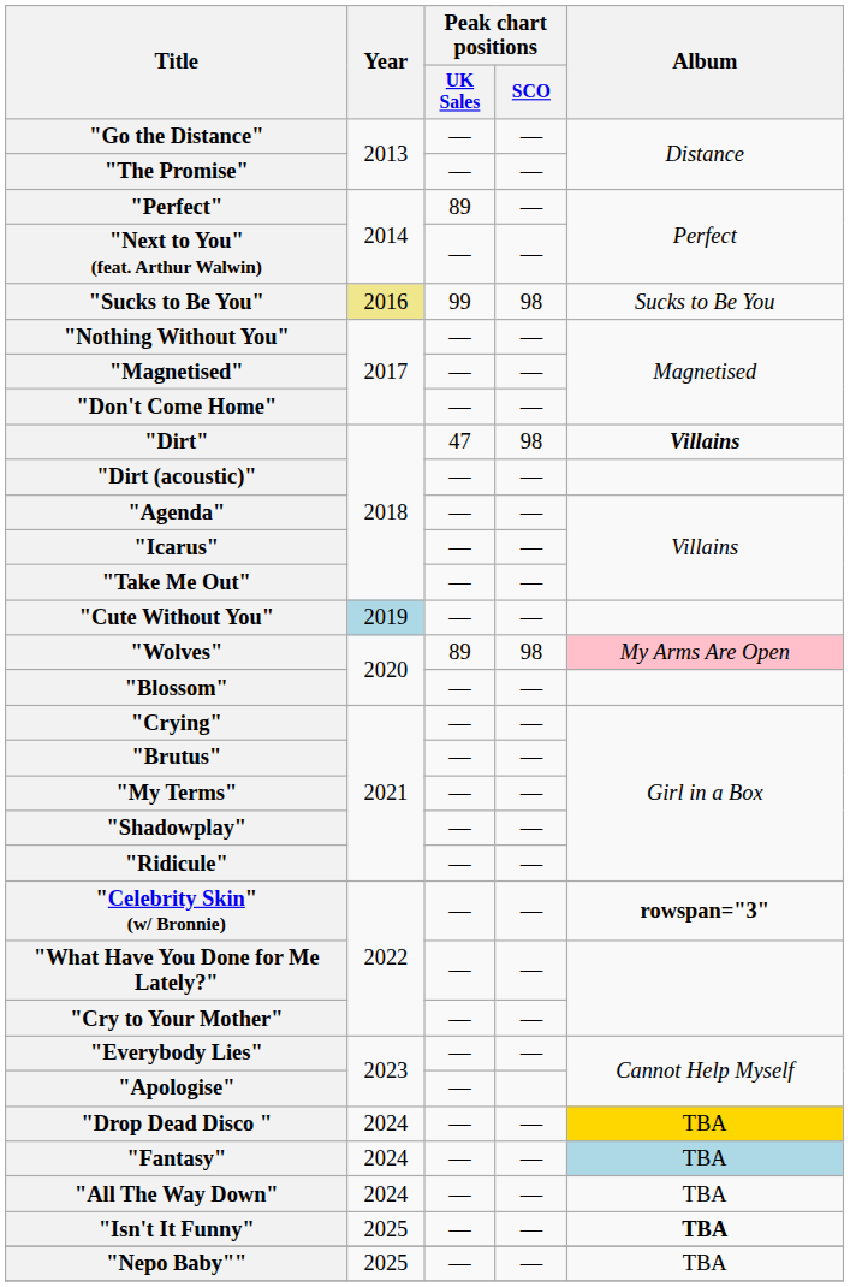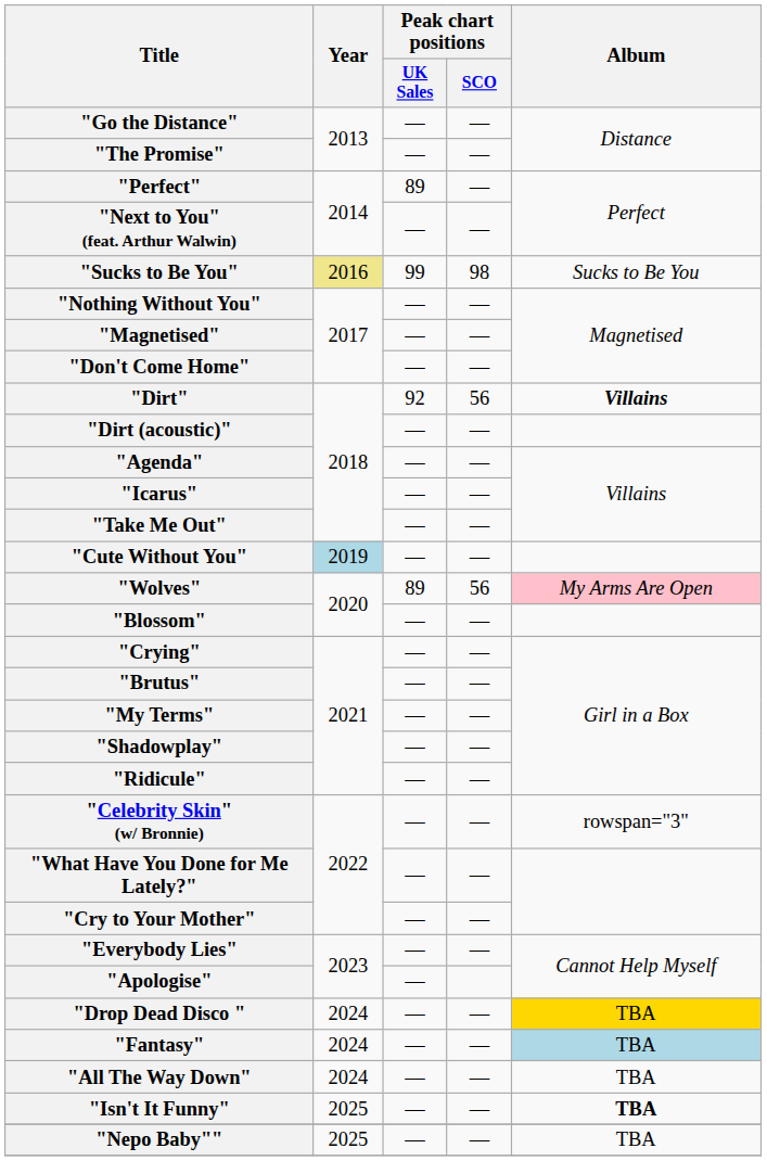 <table class="wikitable plainrowheaders" style="text-align:center;">
 <tr>
 <th scope="col" rowspan="2" style="width:15em;">Title</th>
 <th scope="col" rowspan="2" style="width:3em;">Year</th>
 <th scope="col" colspan="2" style="width:6em;">Peak chart positions</th>
 <th scope="col" rowspan="2" style="width:12em;">Album</th>
 </tr>
 <tr>
 <th scope="col" style="width:3em;font-size:85%;"><a href='#'>UK Sales</a></th>
 <th scope="col" style="width:3em;font-size:85%;"><a href='#'>SCO</a><br></th>
 </tr>
 <tr>
 <th scope="row">"Go the Distance"</th>
 <td rowspan="2">2013</td>
 <td>—</td>
 <td>—</td>
 <td rowspan="2"><em>Distance</em></td>
 </tr>
 <tr>
 <th scope="row">"The Promise"</th>
 <td>—</td>
 <td>—</td>
 </tr>
 <tr>
 <th scope="row">"Perfect"</th>
 <td rowspan="2">2014</td>
 <td>89</td>
 <td>—</td>
 <td rowspan="2"><em>Perfect</em></td>
 </tr>
 <tr>
 <th scope="row">"Next to You"<br><small>(feat. Arthur Walwin)</small></th>
 <td>—</td>
 <td>—</td>
 </tr>
 <tr>
 <th scope="row">"Sucks to Be You"</th>
 <td style="background: khaki;">2016</td>
 <td>99</td>
 <td>98<br></td>
 <td><em>Sucks to Be You</em></td>
 </tr>
 <tr>
 <th scope="row">"Nothing Without You"</th>
 <td rowspan="3">2017</td>
 <td>—</td>
 <td>—</td>
 <td rowspan="3"><em>Magnetised</em></td>
 </tr>
 <tr>
 <th scope="row">"Magnetised"</th>
 <td>—</td>
 <td>—</td>
 </tr>
 <tr>
 <th scope="row">"Don't Come Home"</th>
 <td>—</td>
 <td>—</td>
 </tr>
 <tr>
 <th scope="row">"Dirt"</th>
 <td rowspan="5">2018</td>
-<td>47</td>
-<td>98<br></td>
+<td>92</td>
+<td>56</td>
 <td><strong><em>Villains</em></strong></td>
 </tr>
 <tr>
 <th scope="row">"Dirt (acoustic)"</th>
 <td>—</td>
 <td>—</td>
 <td></td>
 </tr>
 <tr>
 <th scope="row">"Agenda"</th>
 <td>—</td>
 <td>—</td>
 <td rowspan="3"><em>Villains</em></td>
 </tr>
 <tr>
 <th scope="row">"Icarus"</th>
 <td>—</td>
 <td>—</td>
 </tr>
 <tr>
 <th scope="row">"Take Me Out"</th>
 <td>—</td>
 <td>—</td>
 </tr>
 <tr>
 <th scope="row">"Cute Without You"</th>
 <td rowspan="1" style="background: lightblue;">2019</td>
 <td>—</td>
 <td>—</td>
 <td></td>
 </tr>
 <tr>
 <th scope="row">"Wolves"</th>
 <td rowspan="2">2020</td>
 <td>89</td>
-<td>98<br></td>
+<td>56</td>
 <td style="background: pink;"><em>My Arms Are Open</em></td>
 </tr>
 <tr>
 <th scope="row">"Blossom"</th>
 <td>—</td>
 <td>—</td>
 <td></td>
 </tr>
 <tr>
 <th scope="row">"Crying"</th>
 <td rowspan="5">2021</td>
 <td>—</td>
 <td>—</td>
 <td rowspan="5"><em>Girl in a Box</em></td>
 </tr>
 <tr>
 <th scope="row">"Brutus"</th>
 <td>—</td>
 <td>—</td>
 </tr>
 <tr>
 <th scope="row">"My Terms"</th>
 <td>—</td>
 <td>—</td>
 </tr>
 <tr>
 <th scope="row">"Shadowplay"</th>
 <td>—</td>
 <td>—</td>
 </tr>
 <tr>
 <th scope="row">"Ridicule"</th>
 <td>—</td>
 <td>—</td>
 </tr>
 <tr>
 <th scope="row">"<a href='#'>Celebrity Skin</a>"<br><small>(w/ Bronnie)</small></th>
 <td rowspan="3">2022</td>
 <td>—</td>
 <td>—</td>
-<td><strong>rowspan="3" </strong></td>
+<td>rowspan="3" </td>
 </tr>
 <tr>
 <th scope="row">"What Have You Done for Me Lately?" </th>
 <td>—</td>
 <td>—</td>
 </tr>
 <tr>
 <th scope="row">"Cry to Your Mother"</th>
 <td>—</td>
 <td>—</td>
 </tr>
 <tr>
 <th scope="row">"Everybody Lies"</th>
 <td rowspan="2">2023</td>
 <td>—</td>
 <td>—</td>
 <td rowspan="2"><em>Cannot Help Myself</em></td>
 </tr>
 <tr>
 <th scope="row">"Apologise"</th>
 <td>—</td>
 </tr>
 <tr>
 <th scope="row">"Drop Dead Disco "</th>
 <td>2024</td>
 <td>—</td>
 <td>—</td>
 <td style="background: gold;">TBA</td>
 </tr>
 <tr>
 <th scope="row">"Fantasy"</th>
 <td>2024</td>
 <td>—</td>
 <td>—</td>
 <td style="background: lightblue;">TBA</td>
 </tr>
 <tr>
 <th scope="row">"All The Way Down"</th>
 <td>2024</td>
 <td>—</td>
 <td>—</td>
 <td>TBA</td>
 </tr>
 <tr>
 <th scope="row">"Isn't It Funny"</th>
 <td>2025</td>
 <td>—</td>
 <td>—</td>
 <td><strong>TBA</strong></td>
 </tr>
 <tr>
 </tr>
 <tr>
 <th scope="row">"Nepo Baby""</th>
 <td>2025</td>
 <td>—</td>
 <td>—</td>
 <td>TBA</td>
 </tr>
 <tr>
 </tr>
 </table>
